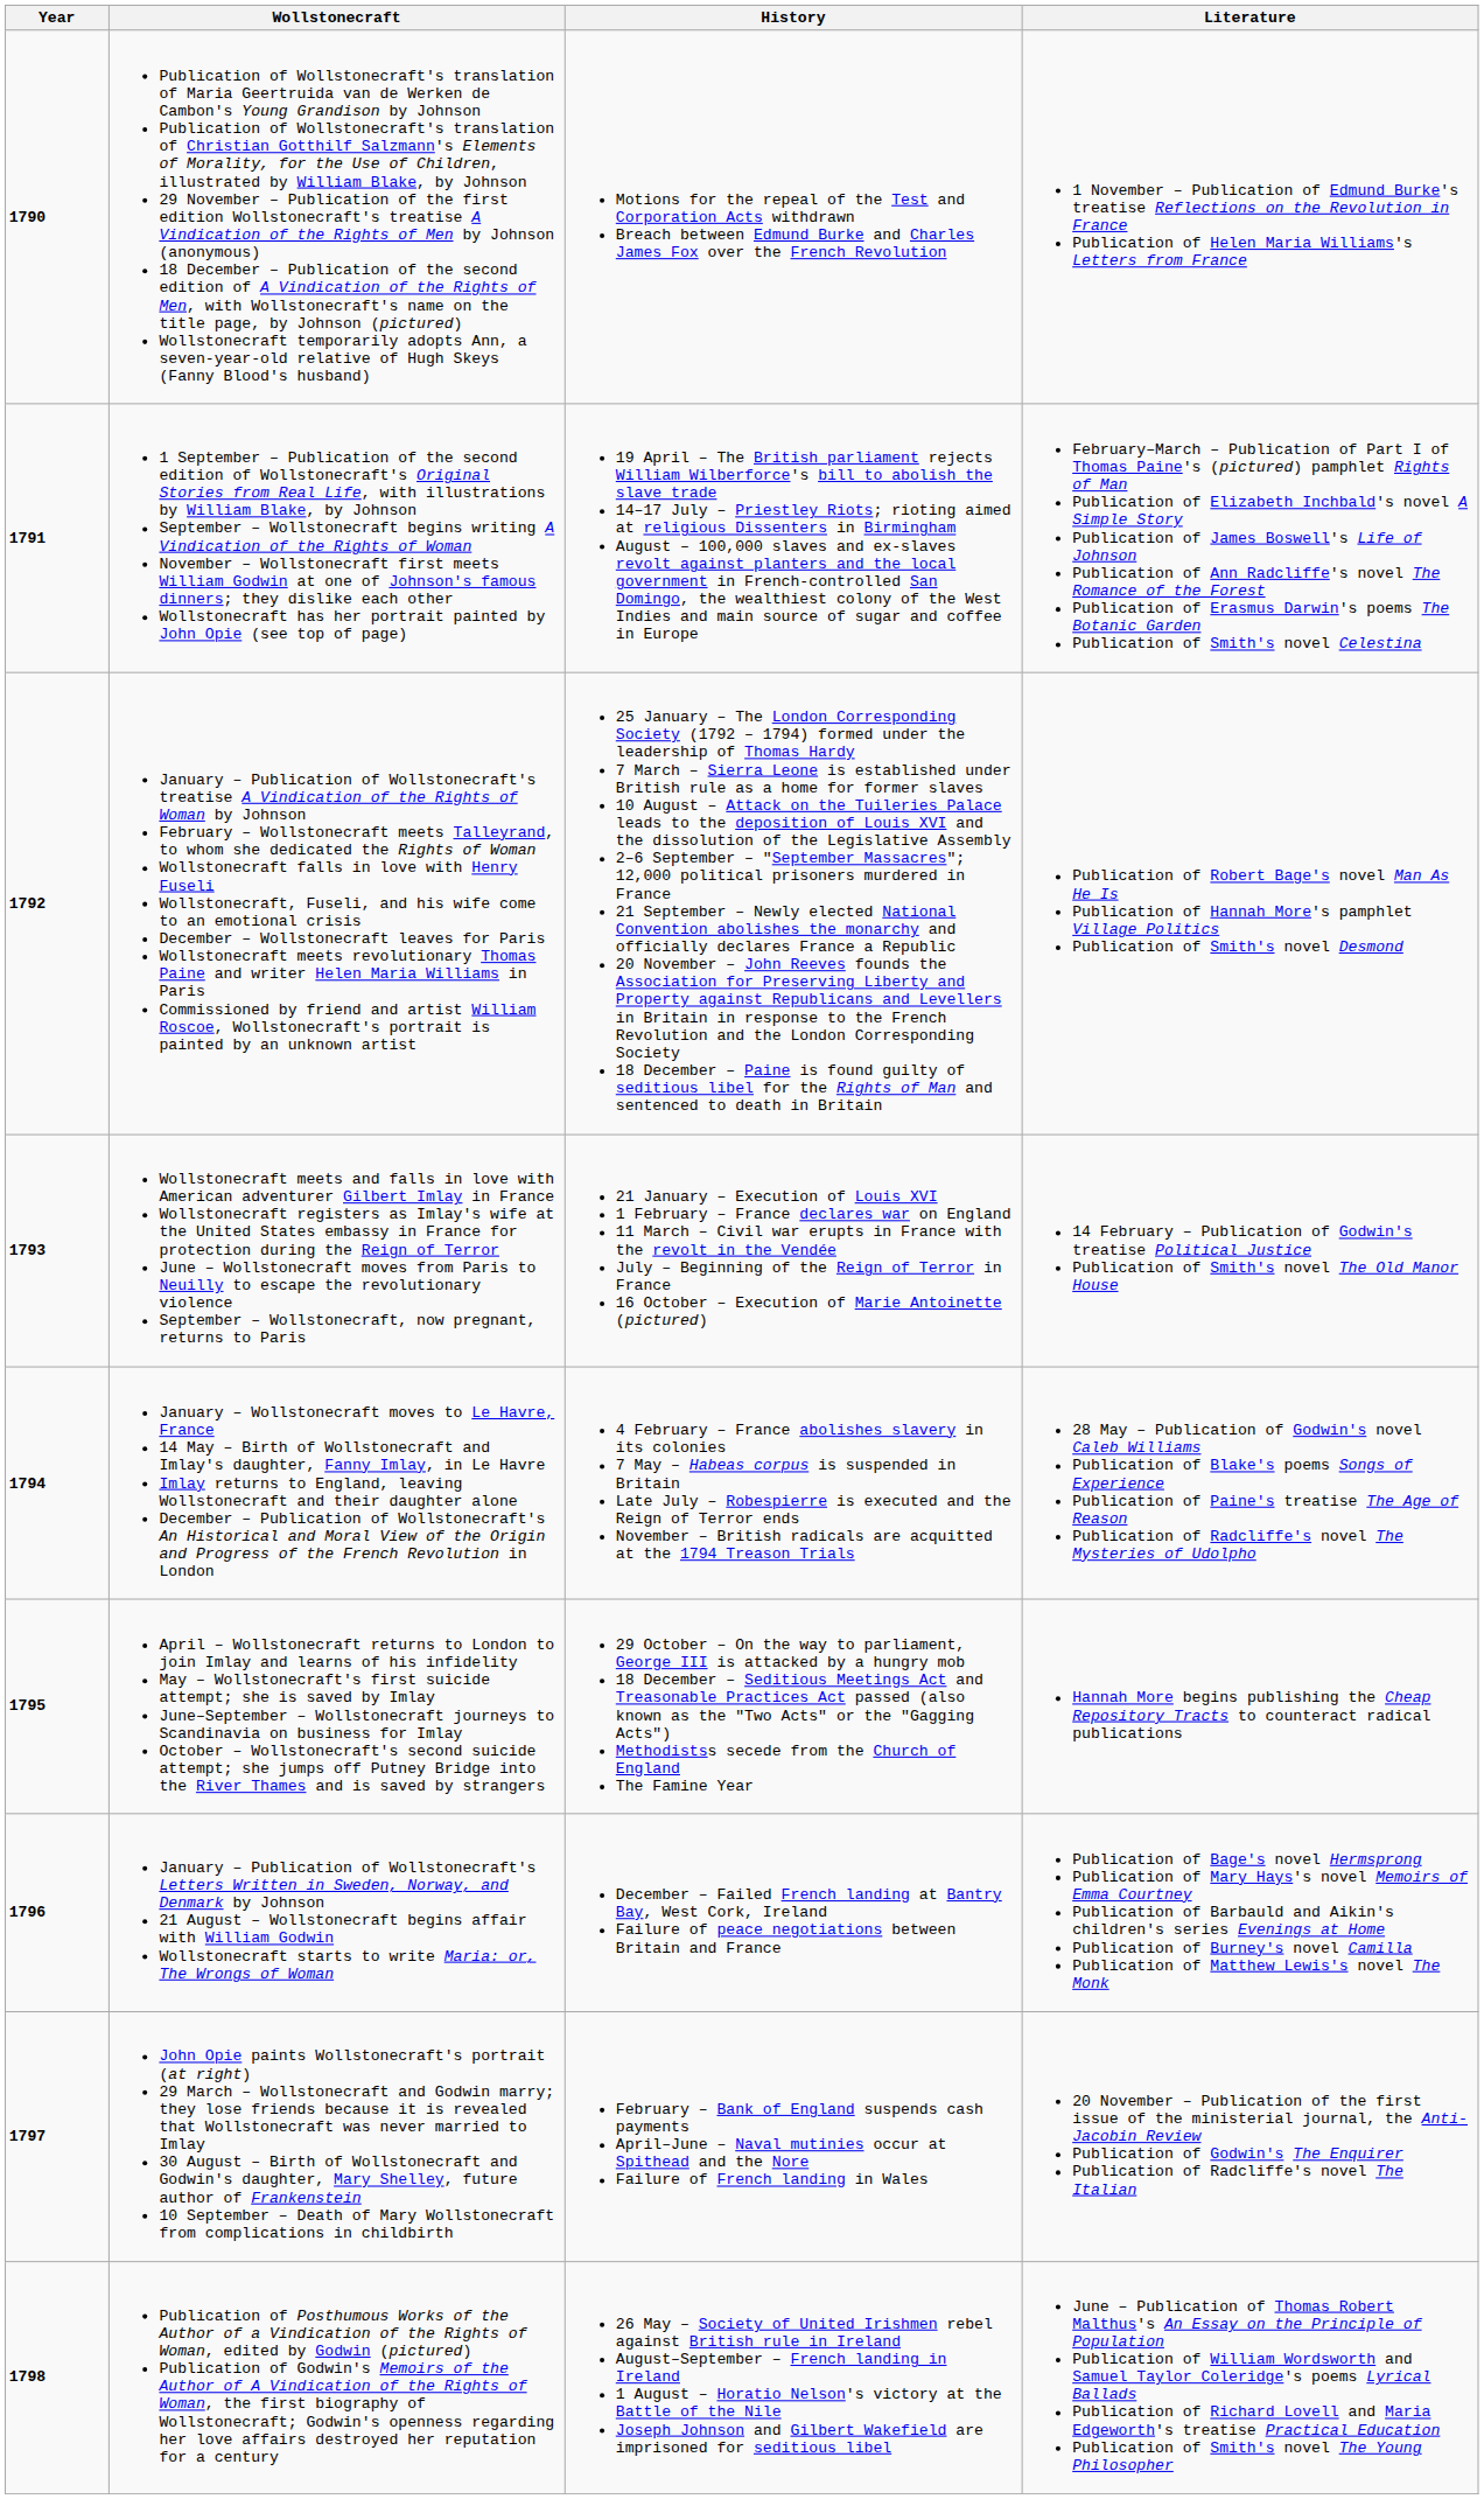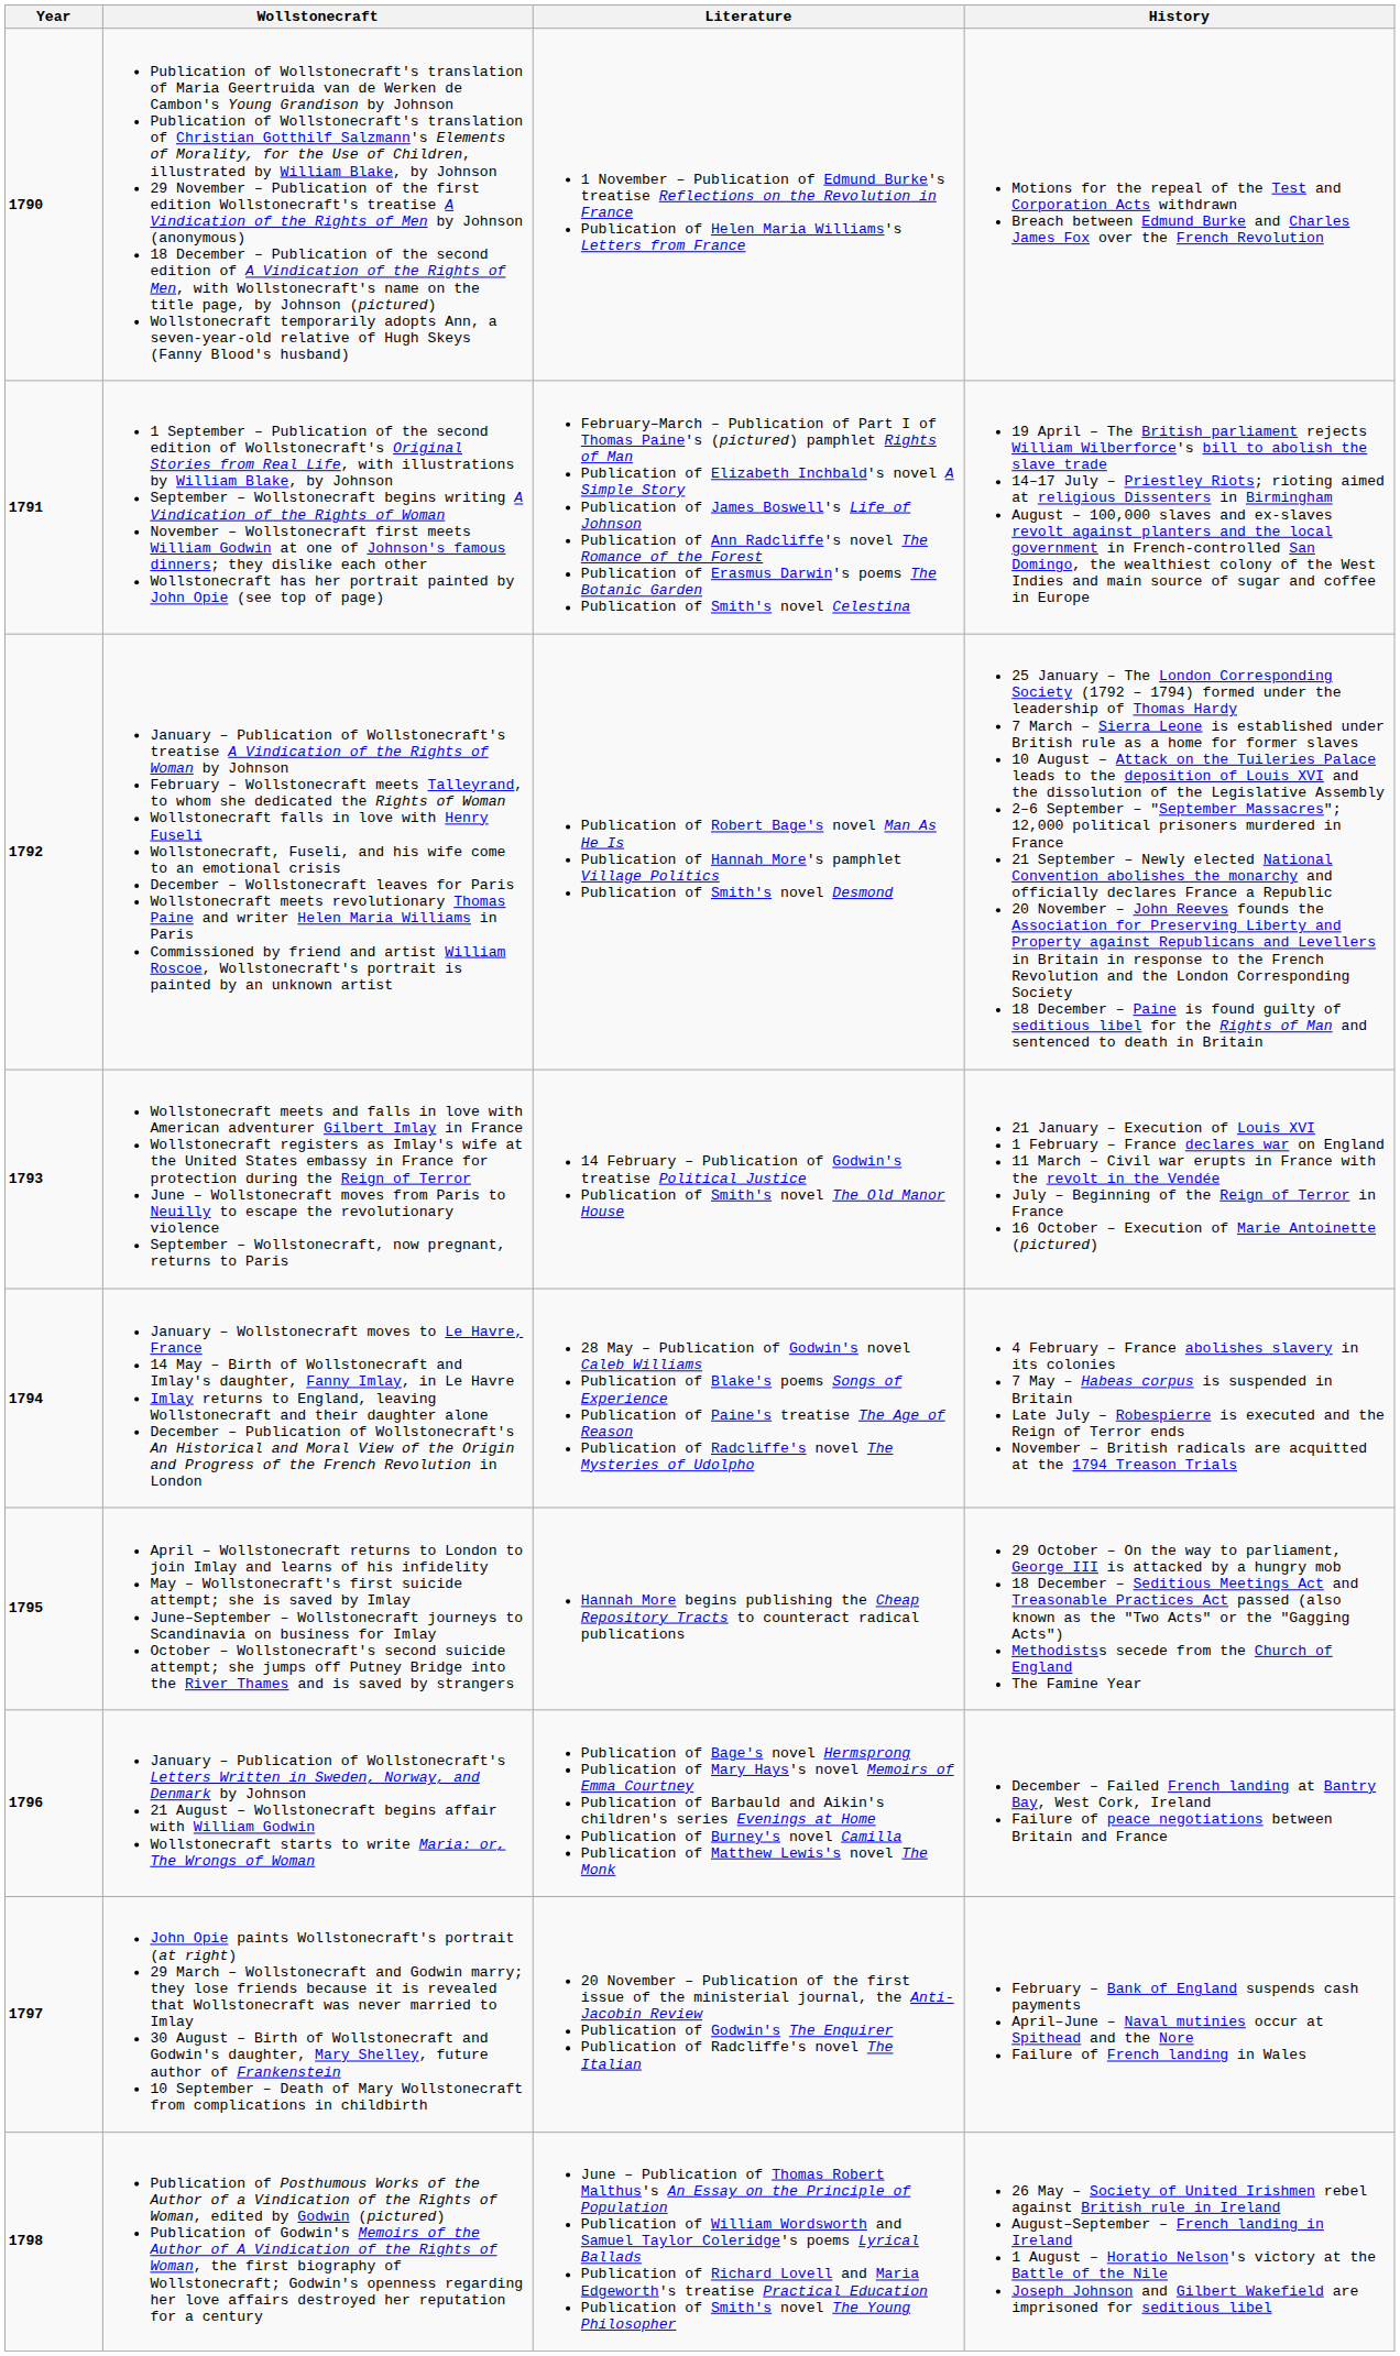 <table class="wikitable">
 <tr>
 <th>Year</th>
 <th width=31%>Wollstonecraft</th>
+<th width=31%>Literature</th>
 <th width=31%>History</th>
-<th width=31%>Literature</th>
 </tr>
 <tr>
 <td><strong>1790</strong></td>
 <td><br><ul><li>Publication of Wollstonecraft's translation of Maria Geertruida van de Werken de Cambon's <em>Young Grandison</em> by Johnson</li><li>Publication of Wollstonecraft's translation of <a href='#'>Christian Gotthilf Salzmann</a>'s <em>Elements of Morality, for the Use of Children</em>, illustrated by <a href='#'>William Blake</a>, by Johnson</li><li>29 November – Publication of the first edition Wollstonecraft's treatise <em><a href='#'>A Vindication of the Rights of Men</a></em> by Johnson (anonymous)</li><li>18 December – Publication of the second edition of <em><a href='#'>A Vindication of the Rights of Men</a></em>, with Wollstonecraft's name on the title page, by Johnson (<em>pictured</em>)</li><li>Wollstonecraft temporarily adopts Ann, a seven-year-old relative of Hugh Skeys (Fanny Blood's husband)</li></ul></td>
+<td><br><ul><li>1 November – Publication of <a href='#'>Edmund Burke</a>'s treatise <em><a href='#'>Reflections on the Revolution in France</a></em></li><li>Publication of <a href='#'>Helen Maria Williams</a>'s <em><a href='#'>Letters from France</a></em></li></ul></td>
 <td><br><ul><li>Motions for the repeal of the <a href='#'>Test</a> and <a href='#'>Corporation Acts</a> withdrawn</li><li>Breach between <a href='#'>Edmund Burke</a> and <a href='#'>Charles James Fox</a> over the <a href='#'>French Revolution</a></li></ul></td>
-<td><br><ul><li>1 November – Publication of <a href='#'>Edmund Burke</a>'s treatise <em><a href='#'>Reflections on the Revolution in France</a></em></li><li>Publication of <a href='#'>Helen Maria Williams</a>'s <em><a href='#'>Letters from France</a></em></li></ul></td>
 </tr>
 <tr>
 <td><strong>1791</strong></td>
 <td><br><ul><li>1 September – Publication of the second edition of Wollstonecraft's <em><a href='#'>Original Stories from Real Life</a></em>, with illustrations by <a href='#'>William Blake</a>, by Johnson<br></li><li>September – Wollstonecraft begins writing <em><a href='#'>A Vindication of the Rights of Woman</a></em></li><li>November – Wollstonecraft first meets <a href='#'>William Godwin</a> at one of <a href='#'>Johnson's famous dinners</a>; they dislike each other</li><li>Wollstonecraft has her portrait painted by <a href='#'>John Opie</a> (see top of page)</li></ul></td>
+<td><br><ul><li>February–March – Publication of Part I of <a href='#'>Thomas Paine</a>'s (<em>pictured</em>) pamphlet <em><a href='#'>Rights of Man</a></em></li><li>Publication of <a href='#'>Elizabeth Inchbald</a>'s novel <em><a href='#'>A Simple Story</a></em></li><li>Publication of <a href='#'>James Boswell</a>'s <em><a href='#'>Life of Johnson</a></em></li><li>Publication of <a href='#'>Ann Radcliffe</a>'s novel <em><a href='#'>The Romance of the Forest</a></em></li><li>Publication of <a href='#'>Erasmus Darwin</a>'s poems <em><a href='#'>The Botanic Garden</a></em></li><li>Publication of <a href='#'>Smith's</a> novel <em><a href='#'>Celestina</a></em></li></ul></td>
 <td><br><ul><li>19 April – The <a href='#'>British parliament</a> rejects <a href='#'>William Wilberforce</a>'s <a href='#'>bill to abolish the slave trade</a></li><li>14–17 July – <a href='#'>Priestley Riots</a>; rioting aimed at <a href='#'>religious Dissenters</a> in <a href='#'>Birmingham</a></li><li>August – 100,000 slaves and ex-slaves <a href='#'>revolt against planters and the local government</a> in French-controlled <a href='#'>San Domingo</a>, the wealthiest colony of the West Indies and main source of sugar and coffee in Europe</li></ul></td>
-<td><br><ul><li>February–March – Publication of Part I of <a href='#'>Thomas Paine</a>'s (<em>pictured</em>) pamphlet <em><a href='#'>Rights of Man</a></em></li><li>Publication of <a href='#'>Elizabeth Inchbald</a>'s novel <em><a href='#'>A Simple Story</a></em></li><li>Publication of <a href='#'>James Boswell</a>'s <em><a href='#'>Life of Johnson</a></em></li><li>Publication of <a href='#'>Ann Radcliffe</a>'s novel <em><a href='#'>The Romance of the Forest</a></em></li><li>Publication of <a href='#'>Erasmus Darwin</a>'s poems <em><a href='#'>The Botanic Garden</a></em></li><li>Publication of <a href='#'>Smith's</a> novel <em><a href='#'>Celestina</a></em></li></ul></td>
 </tr>
 <tr>
 <td><strong>1792</strong></td>
 <td><br><ul><li>January – Publication of Wollstonecraft's treatise <em><a href='#'>A Vindication of the Rights of Woman</a></em> by Johnson</li><li>February – Wollstonecraft meets <a href='#'>Talleyrand</a>, to whom she dedicated the <em>Rights of Woman</em></li><li>Wollstonecraft falls in love with <a href='#'>Henry Fuseli</a></li><li>Wollstonecraft, Fuseli, and his wife come to an emotional crisis</li><li>December – Wollstonecraft leaves for Paris</li><li>Wollstonecraft meets revolutionary <a href='#'>Thomas Paine</a> and writer <a href='#'>Helen Maria Williams</a> in Paris</li><li>Commissioned by friend and artist <a href='#'>William Roscoe</a>, Wollstonecraft's portrait is painted by an unknown artist</li></ul></td>
+<td><br><ul><li>Publication of <a href='#'>Robert Bage's</a> novel <em><a href='#'>Man As He Is</a></em></li><li>Publication of <a href='#'>Hannah More</a>'s pamphlet <em><a href='#'>Village Politics</a></em></li><li>Publication of <a href='#'>Smith's</a> novel <em><a href='#'>Desmond</a></em></li></ul></td>
 <td><br><ul><li>25 January – The <a href='#'>London Corresponding Society</a> (1792 – 1794) formed under the leadership of <a href='#'>Thomas Hardy</a></li><li>7 March – <a href='#'>Sierra Leone</a> is established under British rule as a home for former slaves</li><li>10 August – <a href='#'>Attack on the Tuileries Palace</a> leads to the <a href='#'>deposition of Louis XVI</a> and the dissolution of the Legislative Assembly</li><li>2–6 September – "<a href='#'>September Massacres</a>"; 12,000 political prisoners murdered in France</li><li>21 September – Newly elected <a href='#'>National Convention abolishes the monarchy</a> and officially declares France a Republic</li><li>20 November – <a href='#'>John Reeves</a> founds the <a href='#'>Association for Preserving Liberty and Property against Republicans and Levellers</a> in Britain in response to the French Revolution and the London Corresponding Society</li><li>18 December – <a href='#'>Paine</a> is found guilty of <a href='#'>seditious libel</a> for the <em><a href='#'>Rights of Man</a></em> and sentenced to death in Britain</li></ul></td>
-<td><br><ul><li>Publication of <a href='#'>Robert Bage's</a> novel <em><a href='#'>Man As He Is</a></em></li><li>Publication of <a href='#'>Hannah More</a>'s pamphlet <em><a href='#'>Village Politics</a></em></li><li>Publication of <a href='#'>Smith's</a> novel <em><a href='#'>Desmond</a></em></li></ul></td>
 </tr>
 <tr>
 <td><strong>1793</strong></td>
 <td><br><ul><li>Wollstonecraft meets and falls in love with American adventurer <a href='#'>Gilbert Imlay</a> in France</li><li>Wollstonecraft registers as Imlay's wife at the United States embassy in France for protection during the <a href='#'>Reign of Terror</a></li><li>June – Wollstonecraft moves from Paris to <a href='#'>Neuilly</a> to escape the revolutionary violence</li><li>September – Wollstonecraft, now pregnant, returns to Paris</li></ul></td>
+<td><br><ul><li>14 February – Publication of <a href='#'>Godwin's</a> treatise <em><a href='#'>Political Justice</a></em></li><li>Publication of <a href='#'>Smith's</a> novel <em><a href='#'>The Old Manor House</a></em></li></ul></td>
 <td><br><ul><li>21 January – Execution of <a href='#'>Louis XVI</a></li><li>1 February – France <a href='#'>declares war</a> on England</li><li>11 March – Civil war erupts in France with the <a href='#'>revolt in the Vendée</a></li><li>July – Beginning of the <a href='#'>Reign of Terror</a> in France</li><li>16 October – Execution of <a href='#'>Marie Antoinette</a> (<em>pictured</em>)</li></ul></td>
-<td><br><ul><li>14 February – Publication of <a href='#'>Godwin's</a> treatise <em><a href='#'>Political Justice</a></em></li><li>Publication of <a href='#'>Smith's</a> novel <em><a href='#'>The Old Manor House</a></em></li></ul></td>
 </tr>
 <tr>
 <td><strong>1794</strong></td>
 <td><br><ul><li>January – Wollstonecraft moves to <a href='#'>Le Havre, France</a></li><li>14 May – Birth of Wollstonecraft and Imlay's daughter, <a href='#'>Fanny Imlay</a>, in Le Havre</li><li><a href='#'>Imlay</a> returns to England, leaving Wollstonecraft and their daughter alone</li><li>December – Publication of Wollstonecraft's <em>An Historical and Moral View of the Origin and Progress of the French Revolution</em> in London</li></ul></td>
+<td><br><ul><li>28 May – Publication of <a href='#'>Godwin's</a> novel <em><a href='#'>Caleb Williams</a></em></li><li>Publication of <a href='#'>Blake's</a> poems <em><a href='#'>Songs of Experience</a></em></li><li>Publication of <a href='#'>Paine's</a> treatise <em><a href='#'>The Age of Reason</a></em></li><li>Publication of <a href='#'>Radcliffe's</a> novel <em><a href='#'>The Mysteries of Udolpho</a></em></li></ul></td>
 <td><br><ul><li>4 February – France <a href='#'>abolishes slavery</a> in its colonies</li><li>7 May – <em><a href='#'>Habeas corpus</a></em> is suspended in Britain</li><li>Late July – <a href='#'>Robespierre</a> is executed and the Reign of Terror ends</li><li>November – British radicals are acquitted at the <a href='#'>1794 Treason Trials</a></li></ul></td>
-<td><br><ul><li>28 May – Publication of <a href='#'>Godwin's</a> novel <em><a href='#'>Caleb Williams</a></em></li><li>Publication of <a href='#'>Blake's</a> poems <em><a href='#'>Songs of Experience</a></em></li><li>Publication of <a href='#'>Paine's</a> treatise <em><a href='#'>The Age of Reason</a></em></li><li>Publication of <a href='#'>Radcliffe's</a> novel <em><a href='#'>The Mysteries of Udolpho</a></em></li></ul></td>
 </tr>
 <tr>
 <td><strong>1795</strong></td>
 <td><br><ul><li>April – Wollstonecraft returns to London to join Imlay and learns of his infidelity</li><li>May – Wollstonecraft's first suicide attempt; she is saved by Imlay</li><li>June–September – Wollstonecraft journeys to Scandinavia on business for Imlay</li><li>October – Wollstonecraft's second suicide attempt; she jumps off Putney Bridge into the <a href='#'>River Thames</a> and is saved by strangers</li></ul></td>
+<td><br><ul><li><a href='#'>Hannah More</a> begins publishing the <em><a href='#'>Cheap Repository Tracts</a></em> to counteract radical publications</li></ul></td>
 <td><br><ul><li>29 October – On the way to parliament, <a href='#'>George III</a> is attacked by a hungry mob</li><li>18 December – <a href='#'>Seditious Meetings Act</a> and <a href='#'>Treasonable Practices Act</a> passed (also known as the "Two Acts" or the "Gagging Acts")</li><li><a href='#'>Methodists</a>s secede from the <a href='#'>Church of England</a></li><li>The Famine Year</li></ul></td>
-<td><br><ul><li><a href='#'>Hannah More</a> begins publishing the <em><a href='#'>Cheap Repository Tracts</a></em> to counteract radical publications</li></ul></td>
 </tr>
 <tr>
 <td><strong>1796</strong></td>
 <td><br><ul><li>January – Publication of Wollstonecraft's <em><a href='#'>Letters Written in Sweden, Norway, and Denmark</a></em> by Johnson</li><li>21 August – Wollstonecraft begins affair with <a href='#'>William Godwin</a></li><li>Wollstonecraft starts to write <em><a href='#'>Maria: or, The Wrongs of Woman</a></em></li></ul></td>
+<td><br><ul><li>Publication of <a href='#'>Bage's</a> novel <em><a href='#'>Hermsprong</a></em></li><li>Publication of <a href='#'>Mary Hays</a>'s novel <em><a href='#'>Memoirs of Emma Courtney</a></em></li><li>Publication of Barbauld and Aikin's children's series <em><a href='#'>Evenings at Home</a></em></li><li>Publication of <a href='#'>Burney's</a> novel <em><a href='#'>Camilla</a></em></li><li>Publication of <a href='#'>Matthew Lewis's</a> novel <em><a href='#'>The Monk</a></em></li></ul></td>
 <td><br><ul><li>December – Failed <a href='#'>French landing</a> at <a href='#'>Bantry Bay</a>, West Cork, Ireland</li><li>Failure of <a href='#'>peace negotiations</a> between Britain and France</li></ul></td>
-<td><br><ul><li>Publication of <a href='#'>Bage's</a> novel <em><a href='#'>Hermsprong</a></em></li><li>Publication of <a href='#'>Mary Hays</a>'s novel <em><a href='#'>Memoirs of Emma Courtney</a></em></li><li>Publication of Barbauld and Aikin's children's series <em><a href='#'>Evenings at Home</a></em></li><li>Publication of <a href='#'>Burney's</a> novel <em><a href='#'>Camilla</a></em></li><li>Publication of <a href='#'>Matthew Lewis's</a> novel <em><a href='#'>The Monk</a></em></li></ul></td>
 </tr>
 <tr>
 <td><strong>1797</strong></td>
 <td><br><ul><li><a href='#'>John Opie</a> paints Wollstonecraft's portrait (<em>at right</em>)</li><li>29 March – Wollstonecraft and Godwin marry; they lose friends because it is revealed that Wollstonecraft was never married to Imlay</li><li>30 August – Birth of Wollstonecraft and Godwin's daughter, <a href='#'>Mary Shelley</a>, future author of <em><a href='#'>Frankenstein</a></em></li><li>10 September – Death of Mary Wollstonecraft from complications in childbirth</li></ul></td>
+<td><br><ul><li>20 November – Publication of the first issue of the ministerial journal, the <em><a href='#'>Anti-Jacobin Review</a></em></li><li>Publication of <a href='#'>Godwin's</a> <em><a href='#'>The Enquirer</a></em></li><li>Publication of Radcliffe's novel <em><a href='#'>The Italian</a></em></li></ul></td>
 <td><br><ul><li>February – <a href='#'>Bank of England</a> suspends cash payments</li><li>April–June – <a href='#'>Naval mutinies</a> occur at <a href='#'>Spithead</a> and the <a href='#'>Nore</a></li><li>Failure of <a href='#'>French landing</a> in Wales</li></ul></td>
-<td><br><ul><li>20 November – Publication of the first issue of the ministerial journal, the <em><a href='#'>Anti-Jacobin Review</a></em></li><li>Publication of <a href='#'>Godwin's</a> <em><a href='#'>The Enquirer</a></em></li><li>Publication of Radcliffe's novel <em><a href='#'>The Italian</a></em></li></ul></td>
 </tr>
 <tr>
 <td><strong>1798</strong></td>
 <td><br><ul><li>Publication of <em>Posthumous Works of the Author of a Vindication of the Rights of Woman</em>, edited by <a href='#'>Godwin</a> (<em>pictured</em>)</li><li>Publication of Godwin's <em><a href='#'>Memoirs of the Author of A Vindication of the Rights of Woman</a></em>, the first biography of Wollstonecraft; Godwin's openness regarding her love affairs destroyed her reputation for a century</li></ul></td>
+<td><br><ul><li>June – Publication of <a href='#'>Thomas Robert Malthus</a>'s <em><a href='#'>An Essay on the Principle of Population</a></em></li><li>Publication of <a href='#'>William Wordsworth</a> and <a href='#'>Samuel Taylor Coleridge</a>'s poems <em><a href='#'>Lyrical Ballads</a></em></li><li>Publication of <a href='#'>Richard Lovell</a> and <a href='#'>Maria Edgeworth</a>'s treatise <em><a href='#'>Practical Education</a></em></li><li>Publication of <a href='#'>Smith's</a> novel <em><a href='#'>The Young Philosopher</a></em></li></ul></td>
 <td><br><ul><li>26 May – <a href='#'>Society of United Irishmen</a> rebel against <a href='#'>British rule in Ireland</a></li><li>August–September – <a href='#'>French landing in Ireland</a></li><li>1 August – <a href='#'>Horatio Nelson</a>'s victory at the <a href='#'>Battle of the Nile</a></li><li><a href='#'>Joseph Johnson</a> and <a href='#'>Gilbert Wakefield</a> are imprisoned for <a href='#'>seditious libel</a></li></ul></td>
-<td><br><ul><li>June – Publication of <a href='#'>Thomas Robert Malthus</a>'s <em><a href='#'>An Essay on the Principle of Population</a></em></li><li>Publication of <a href='#'>William Wordsworth</a> and <a href='#'>Samuel Taylor Coleridge</a>'s poems <em><a href='#'>Lyrical Ballads</a></em></li><li>Publication of <a href='#'>Richard Lovell</a> and <a href='#'>Maria Edgeworth</a>'s treatise <em><a href='#'>Practical Education</a></em></li><li>Publication of <a href='#'>Smith's</a> novel <em><a href='#'>The Young Philosopher</a></em></li></ul></td>
 </tr>
 </table>
